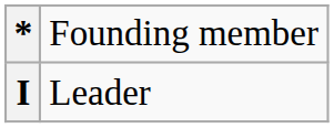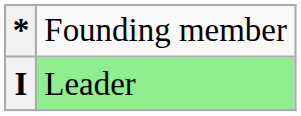 <table class="wikitable">
 <tr>
 <th>*</th>
 <td>Founding member</td>
 </tr>
 <tr>
 <th><strong>I</strong></th>
-<td>Leader</td>
+<td style="background: lightgreen;">Leader</td>
 </tr>
 </table>
